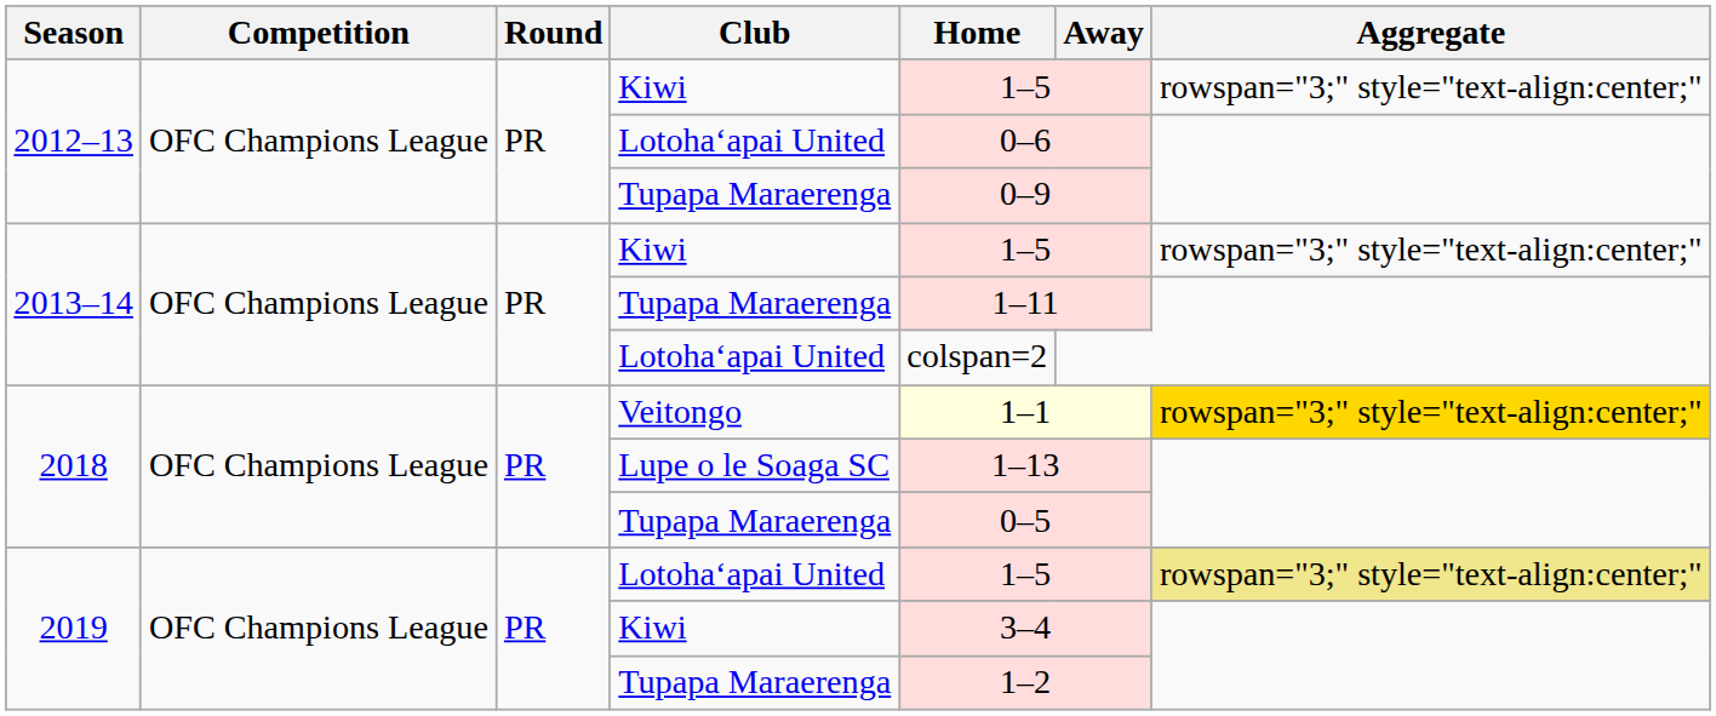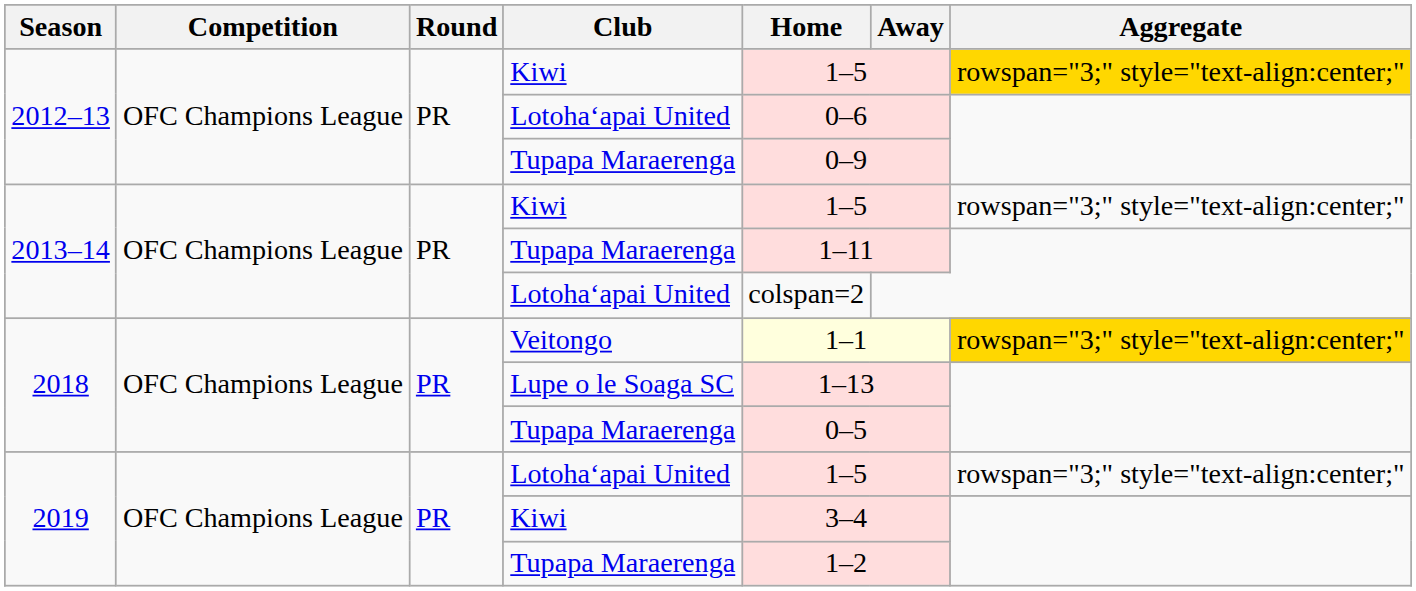 <table class="wikitable">
 <tr>
 <th>Season</th>
 <th>Competition</th>
 <th>Round</th>
 <th>Club</th>
 <th>Home</th>
 <th>Away</th>
 <th>Aggregate</th>
 </tr>
 <tr>
 <td rowspan="3;" style="text-align:center;"><a href='#'>2012–13</a></td>
 <td rowspan="3">OFC Champions League</td>
 <td rowspan="3">PR</td>
 <td> <a href='#'>Kiwi</a></td>
 <td colspan="2;" style="text-align:center; background:#fdd;">1–5</td>
-<td>rowspan="3;" style="text-align:center;" </td>
+<td style="background: gold;">rowspan="3;" style="text-align:center;" </td>
 </tr>
 <tr>
 <td> <a href='#'>Lotohaʻapai United</a></td>
 <td colspan="2;" style="text-align:center; background:#fdd;">0–6</td>
 </tr>
 <tr>
 <td> <a href='#'>Tupapa Maraerenga</a></td>
 <td colspan="2;" style="text-align:center; background:#fdd;">0–9</td>
 </tr>
 <tr>
 <td rowspan="3;" style="text-align:center;"><a href='#'>2013–14</a></td>
 <td rowspan="3">OFC Champions League</td>
 <td rowspan="3">PR</td>
 <td> <a href='#'>Kiwi</a></td>
 <td colspan="2;" style="text-align:center; background:#fdd;">1–5</td>
 <td>rowspan="3;" style="text-align:center;" </td>
 </tr>
 <tr>
 <td> <a href='#'>Tupapa Maraerenga</a></td>
 <td colspan="2;" style="text-align:center; background:#fdd;">1–11</td>
 </tr>
 <tr>
 <td> <a href='#'>Lotohaʻapai United</a></td>
 <td>colspan=2 </td>
 </tr>
 <tr>
 <td rowspan="3;" style="text-align:center;"><a href='#'>2018</a></td>
 <td rowspan="3">OFC Champions League</td>
 <td rowspan="3"><a href='#'>PR</a></td>
 <td> <a href='#'>Veitongo</a></td>
 <td colspan="2;" style="text-align:center; background:#ffd;">1–1</td>
 <td style="background: gold;">rowspan="3;" style="text-align:center;" </td>
 </tr>
 <tr>
 <td> <a href='#'>Lupe o le Soaga SC</a></td>
 <td colspan="2;" style="text-align:center; background:#fdd;">1–13</td>
 </tr>
 <tr>
 <td> <a href='#'>Tupapa Maraerenga</a></td>
 <td colspan="2;" style="text-align:center; background:#fdd;">0–5</td>
 </tr>
 <tr>
 <td rowspan="3;" style="text-align:center;"><a href='#'>2019</a></td>
 <td rowspan="3">OFC Champions League</td>
 <td rowspan="3"><a href='#'>PR</a></td>
 <td> <a href='#'>Lotohaʻapai United</a></td>
 <td colspan="2;" style="text-align:center; background:#fdd;">1–5</td>
-<td style="background: khaki;">rowspan="3;" style="text-align:center;" </td>
+<td>rowspan="3;" style="text-align:center;" </td>
 </tr>
 <tr>
 <td> <a href='#'>Kiwi</a></td>
 <td colspan="2;" style="text-align:center; background:#fdd;">3–4</td>
 </tr>
 <tr>
 <td> <a href='#'>Tupapa Maraerenga</a></td>
 <td colspan="2;" style="text-align:center; background:#fdd;">1–2</td>
 </tr>
 </table>
